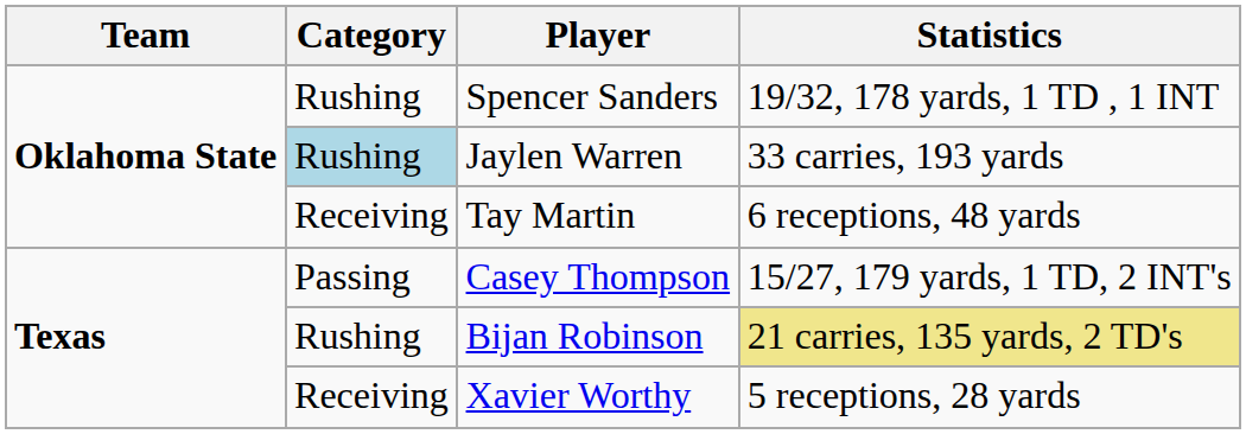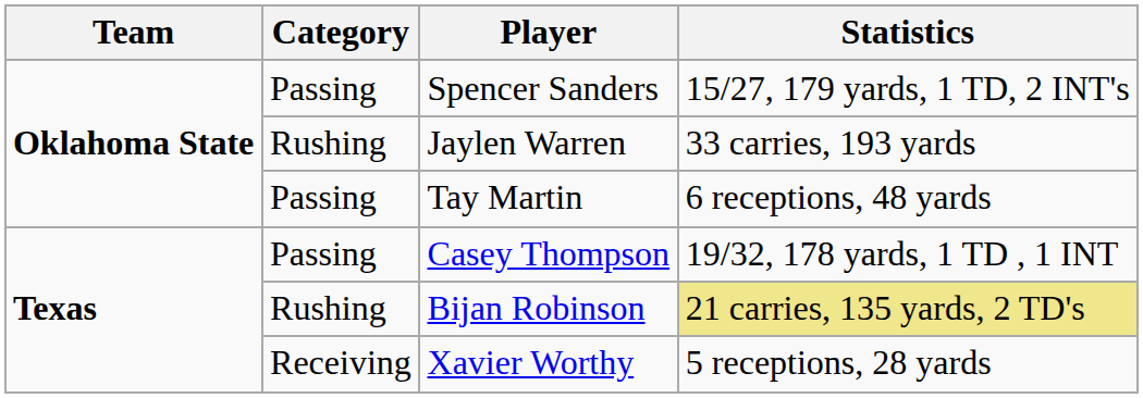 <table class="wikitable" style="float: right;">
 <tr>
 <th>Team</th>
 <th>Category</th>
 <th>Player</th>
 <th>Statistics</th>
 </tr>
 <tr>
 <td rowspan=3><strong>Oklahoma State</strong></td>
-<td>Rushing</td>
+<td>Passing</td>
 <td>Spencer Sanders</td>
-<td>19/32, 178 yards, 1 TD , 1 INT</td>
+<td>15/27, 179 yards, 1 TD, 2 INT's</td>
 </tr>
 <tr>
-<td style="background: lightblue;">Rushing</td>
+<td>Rushing</td>
 <td>Jaylen Warren</td>
 <td>33 carries, 193 yards</td>
 </tr>
 <tr>
-<td>Receiving</td>
+<td>Passing</td>
 <td>Tay Martin</td>
 <td>6 receptions, 48 yards</td>
 </tr>
 <tr>
 <td rowspan=3><strong>Texas</strong></td>
 <td>Passing</td>
 <td><a href='#'>Casey Thompson</a></td>
-<td>15/27, 179 yards, 1 TD, 2 INT's</td>
+<td>19/32, 178 yards, 1 TD , 1 INT</td>
 </tr>
 <tr>
 <td>Rushing</td>
 <td><a href='#'>Bijan Robinson</a></td>
 <td style="background: khaki;">21 carries, 135 yards, 2 TD's</td>
 </tr>
 <tr>
 <td>Receiving</td>
 <td><a href='#'>Xavier Worthy</a></td>
 <td>5 receptions, 28 yards</td>
 </tr>
 </table>
